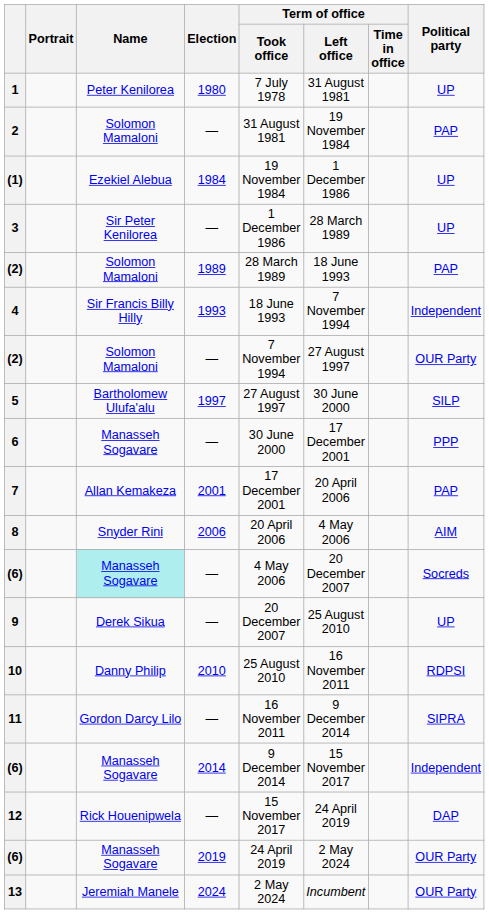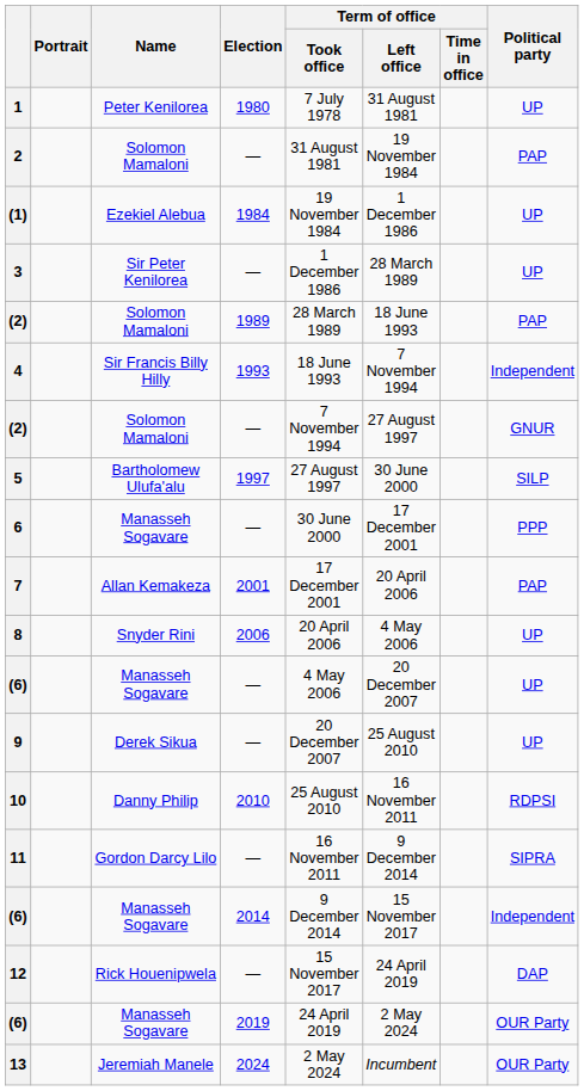 <table class="wikitable" style="text-align:center">
 <tr>
 <th rowspan="2"></th>
 <th rowspan="2">Portrait</th>
 <th rowspan="2" width="150">Name<br></th>
 <th rowspan="2">Election</th>
 <th colspan="3">Term of office</th>
 <th rowspan="2">Political party<br></th>
 </tr>
 <tr>
 <th>Took office</th>
 <th>Left office</th>
 <th>Time in office</th>
 </tr>
 <tr>
 <th style="background:">1</th>
 <td></td>
 <td><a href='#'>Peter Kenilorea</a><br></td>
 <td><a href='#'>1980</a></td>
 <td>7 July 1978</td>
 <td>31 August 1981</td>
 <td></td>
 <td><a href='#'>UP</a></td>
 </tr>
 <tr>
 <th style="background:">2</th>
 <td></td>
 <td><a href='#'>Solomon Mamaloni</a><br></td>
 <td>—</td>
 <td>31 August 1981</td>
 <td>19 November 1984</td>
 <td></td>
 <td><a href='#'>PAP</a></td>
 </tr>
 <tr>
 <th style="background:">(1)</th>
 <td></td>
 <td><a href='#'>Ezekiel Alebua</a><br></td>
 <td><a href='#'>1984</a></td>
 <td>19 November 1984</td>
 <td>1 December 1986</td>
 <td></td>
 <td><a href='#'>UP</a></td>
 </tr>
 <tr>
 <th style="background:">3</th>
 <td></td>
 <td><a href='#'>Sir Peter Kenilorea</a><br></td>
 <td>—</td>
 <td>1 December 1986</td>
 <td>28 March 1989</td>
 <td></td>
 <td><a href='#'>UP</a></td>
 </tr>
 <tr>
 <th style="background:">(2)</th>
 <td></td>
 <td><a href='#'>Solomon Mamaloni</a><br></td>
 <td><a href='#'>1989</a></td>
 <td>28 March 1989</td>
 <td>18 June 1993</td>
 <td></td>
 <td><a href='#'>PAP</a><br></td>
 </tr>
 <tr>
 <th style="background:">4</th>
 <td></td>
 <td><a href='#'>Sir Francis Billy Hilly</a><br></td>
 <td><a href='#'>1993</a></td>
 <td>18 June 1993</td>
 <td>7 November 1994</td>
 <td></td>
 <td><a href='#'>Independent</a><br></td>
 </tr>
 <tr>
 <th style="background:">(2)</th>
 <td></td>
 <td><a href='#'>Solomon Mamaloni</a><br></td>
 <td>—</td>
 <td>7 November 1994</td>
 <td>27 August 1997</td>
 <td></td>
-<td><a href='#'>OUR Party</a></td>
+<td><a href='#'>GNUR</a></td>
 </tr>
 <tr>
 <th style="background:">5</th>
 <td></td>
 <td><a href='#'>Bartholomew Ulufa'alu</a><br></td>
 <td><a href='#'>1997</a></td>
 <td>27 August 1997</td>
 <td>30 June 2000</td>
 <td></td>
 <td><a href='#'>SILP</a><br></td>
 </tr>
 <tr>
 <th style="background:">6</th>
 <td></td>
 <td><a href='#'>Manasseh Sogavare</a><br></td>
 <td>—</td>
 <td>30 June 2000</td>
 <td>17 December 2001</td>
 <td></td>
 <td><a href='#'>PPP</a></td>
 </tr>
 <tr>
 <th style="background:">7</th>
 <td></td>
 <td><a href='#'>Allan Kemakeza</a><br></td>
 <td><a href='#'>2001</a></td>
 <td>17 December 2001</td>
 <td>20 April 2006</td>
 <td></td>
 <td><a href='#'>PAP</a></td>
 </tr>
 <tr>
 <th style="background:">8</th>
 <td></td>
 <td><a href='#'>Snyder Rini</a><br></td>
 <td><a href='#'>2006</a></td>
 <td>20 April 2006</td>
 <td>4 May 2006</td>
 <td></td>
-<td><a href='#'>AIM</a></td>
+<td><a href='#'>UP</a></td>
 </tr>
 <tr>
 <th style="background:">(6)</th>
 <td></td>
-<td style="background: paleturquoise;"><a href='#'>Manasseh Sogavare</a><br></td>
+<td><a href='#'>Manasseh Sogavare</a><br></td>
 <td>—</td>
 <td>4 May 2006</td>
 <td>20 December 2007</td>
 <td></td>
-<td><a href='#'>Socreds</a></td>
+<td><a href='#'>UP</a></td>
 </tr>
 <tr>
 <th style="background:">9</th>
 <td></td>
 <td><a href='#'>Derek Sikua</a><br></td>
 <td>—</td>
 <td>20 December 2007</td>
 <td>25 August 2010</td>
 <td></td>
 <td><a href='#'>UP</a></td>
 </tr>
 <tr>
 <th style="background:">10</th>
 <td></td>
 <td><a href='#'>Danny Philip</a><br></td>
 <td><a href='#'>2010</a></td>
 <td>25 August 2010</td>
 <td>16 November 2011</td>
 <td></td>
 <td><a href='#'>RDPSI</a></td>
 </tr>
 <tr>
 <th style="background:">11</th>
 <td></td>
 <td><a href='#'>Gordon Darcy Lilo</a><br></td>
 <td>—</td>
 <td>16 November 2011</td>
 <td>9 December 2014</td>
 <td></td>
 <td><a href='#'>SIPRA</a></td>
 </tr>
 <tr>
 <th style="background:">(6)</th>
 <td></td>
 <td><a href='#'>Manasseh Sogavare</a><br></td>
 <td><a href='#'>2014</a></td>
 <td>9 December 2014</td>
 <td>15 November 2017</td>
 <td></td>
 <td><a href='#'>Independent</a></td>
 </tr>
 <tr>
 <th style="background:">12</th>
 <td></td>
 <td><a href='#'>Rick Houenipwela</a><br></td>
 <td>—</td>
 <td>15 November 2017</td>
 <td>24 April 2019</td>
 <td></td>
 <td><a href='#'>DAP</a></td>
 </tr>
 <tr>
 <th style="background:">(6)</th>
 <td></td>
 <td><a href='#'>Manasseh Sogavare</a><br></td>
 <td><a href='#'>2019</a><br></td>
 <td>24 April 2019</td>
 <td>2 May 2024</td>
 <td></td>
 <td><a href='#'>OUR Party</a></td>
 </tr>
 <tr>
 <th style="background:">13</th>
 <td></td>
 <td><a href='#'>Jeremiah Manele</a><br></td>
 <td><a href='#'>2024</a><br></td>
 <td>2 May 2024</td>
 <td><em>Incumbent</em></td>
 <td></td>
 <td><a href='#'>OUR Party</a></td>
 </tr>
 </table>
